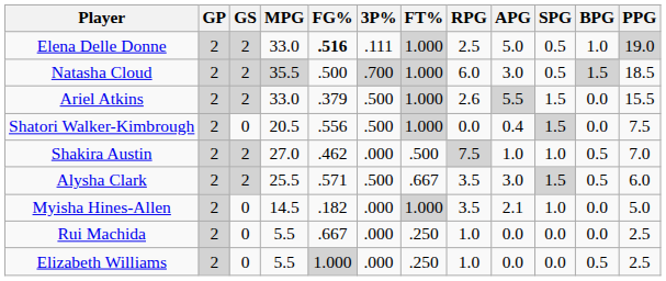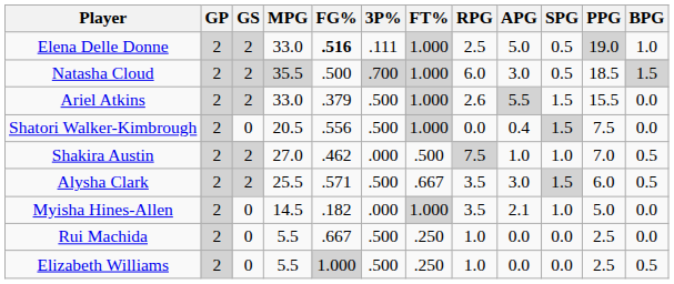 <table class="wikitable sortable" style="text-align:center">
 <tr>
 <th>Player</th>
 <th>GP</th>
 <th>GS</th>
 <th>MPG</th>
 <th>FG%</th>
 <th>3P%</th>
 <th>FT%</th>
 <th>RPG</th>
 <th>APG</th>
 <th>SPG</th>
+<th>PPG</th>
 <th>BPG</th>
-<th>PPG</th>
 </tr>
 <tr>
 <td><a href='#'>Elena Delle Donne</a></td>
 <td style="background:#D3D3D3;">2</td>
 <td style="background:#D3D3D3;">2</td>
 <td>33.0</td>
 <td><strong>.516</strong></td>
 <td>.111</td>
 <td style="background:#D3D3D3;">1.000</td>
 <td>2.5</td>
 <td>5.0</td>
 <td>0.5</td>
+<td style="background:#D3D3D3;">19.0</td>
 <td>1.0</td>
-<td style="background:#D3D3D3;">19.0</td>
 </tr>
 <tr>
 <td><a href='#'>Natasha Cloud</a></td>
 <td style="background:#D3D3D3;">2</td>
 <td style="background:#D3D3D3;">2</td>
 <td style="background:#D3D3D3;">35.5</td>
 <td>.500</td>
 <td style="background:#D3D3D3;">.700</td>
 <td style="background:#D3D3D3;">1.000</td>
 <td>6.0</td>
 <td>3.0</td>
 <td>0.5</td>
+<td>18.5</td>
 <td style="background:#D3D3D3;">1.5</td>
-<td>18.5</td>
 </tr>
 <tr>
 <td><a href='#'>Ariel Atkins</a></td>
 <td style="background:#D3D3D3;">2</td>
 <td style="background:#D3D3D3;">2</td>
 <td>33.0</td>
 <td>.379</td>
 <td>.500</td>
 <td style="background:#D3D3D3;">1.000</td>
 <td>2.6</td>
 <td style="background:#D3D3D3;">5.5</td>
 <td>1.5</td>
+<td>15.5</td>
 <td>0.0</td>
-<td>15.5</td>
 </tr>
 <tr>
 <td><a href='#'>Shatori Walker-Kimbrough</a></td>
 <td style="background:#D3D3D3;">2</td>
 <td>0</td>
 <td>20.5</td>
 <td>.556</td>
 <td>.500</td>
 <td style="background:#D3D3D3;">1.000</td>
 <td>0.0</td>
 <td>0.4</td>
 <td style="background:#D3D3D3;">1.5</td>
+<td>7.5</td>
 <td>0.0</td>
-<td>7.5</td>
 </tr>
 <tr>
 <td><a href='#'>Shakira Austin</a></td>
 <td style="background:#D3D3D3;">2</td>
 <td style="background:#D3D3D3;">2</td>
 <td>27.0</td>
 <td>.462</td>
 <td>.000</td>
 <td>.500</td>
 <td style="background:#D3D3D3;">7.5</td>
 <td>1.0</td>
 <td>1.0</td>
+<td>7.0</td>
 <td>0.5</td>
-<td>7.0</td>
 </tr>
 <tr>
 <td><a href='#'>Alysha Clark</a></td>
 <td style="background:#D3D3D3;">2</td>
 <td style="background:#D3D3D3;">2</td>
 <td>25.5</td>
 <td>.571</td>
 <td>.500</td>
 <td>.667</td>
 <td>3.5</td>
 <td>3.0</td>
 <td style="background:#D3D3D3;">1.5</td>
+<td>6.0</td>
 <td>0.5</td>
-<td>6.0</td>
 </tr>
 <tr>
 <td><a href='#'>Myisha Hines-Allen</a></td>
 <td style="background:#D3D3D3;">2</td>
 <td>0</td>
 <td>14.5</td>
 <td>.182</td>
 <td>.000</td>
 <td style="background:#D3D3D3;">1.000</td>
 <td>3.5</td>
 <td>2.1</td>
 <td>1.0</td>
+<td>5.0</td>
 <td>0.0</td>
-<td>5.0</td>
 </tr>
 <tr>
 <td><a href='#'>Rui Machida</a></td>
 <td style="background:#D3D3D3;">2</td>
 <td>0</td>
 <td>5.5</td>
 <td>.667</td>
-<td>.000</td>
+<td>.500</td>
 <td>.250</td>
 <td>1.0</td>
 <td>0.0</td>
 <td>0.0</td>
+<td>2.5</td>
 <td>0.0</td>
-<td>2.5</td>
 </tr>
 <tr>
 <td><a href='#'>Elizabeth Williams</a></td>
 <td style="background:#D3D3D3;">2</td>
 <td>0</td>
 <td>5.5</td>
 <td style="background:#D3D3D3;">1.000</td>
-<td>.000</td>
+<td>.500</td>
 <td>.250</td>
 <td>1.0</td>
 <td>0.0</td>
 <td>0.0</td>
+<td>2.5</td>
 <td>0.5</td>
-<td>2.5</td>
 </tr>
 </table>
